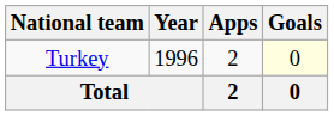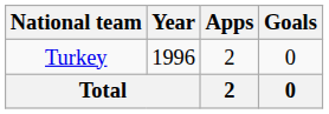 <table class="wikitable" style="text-align: center;">
 <tr>
 <th>National team</th>
 <th>Year</th>
 <th>Apps</th>
 <th>Goals</th>
 </tr>
 <tr>
 <td><a href='#'>Turkey</a></td>
 <td>1996</td>
 <td>2</td>
-<td style="background: lightyellow;">0</td>
+<td>0</td>
 </tr>
 <tr>
 <th colspan="2">Total</th>
 <th>2</th>
 <th>0</th>
 </tr>
 </table>
